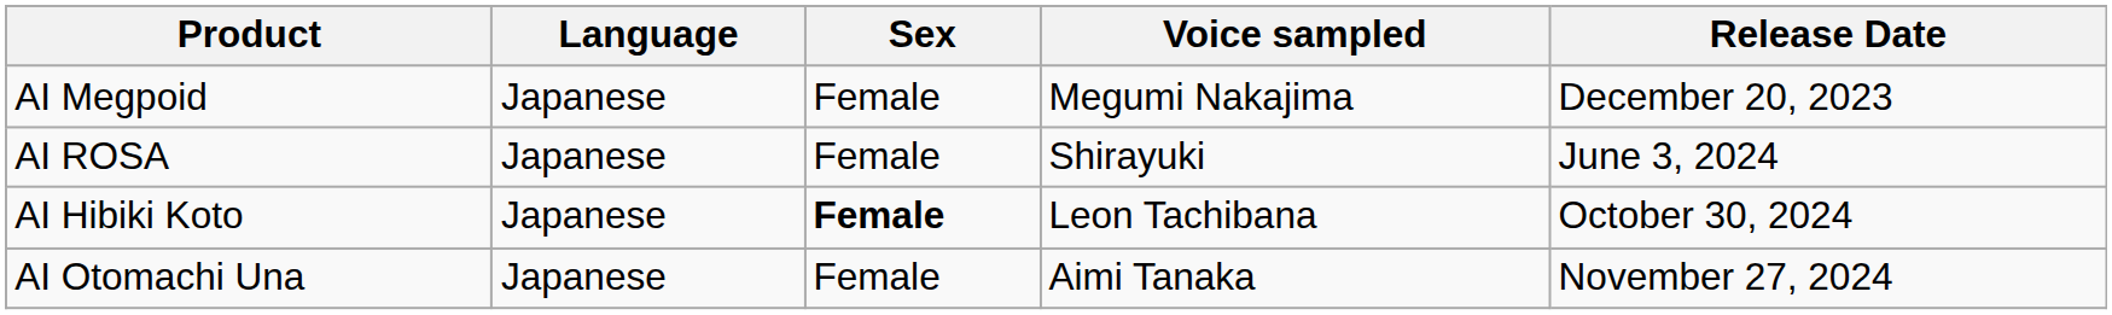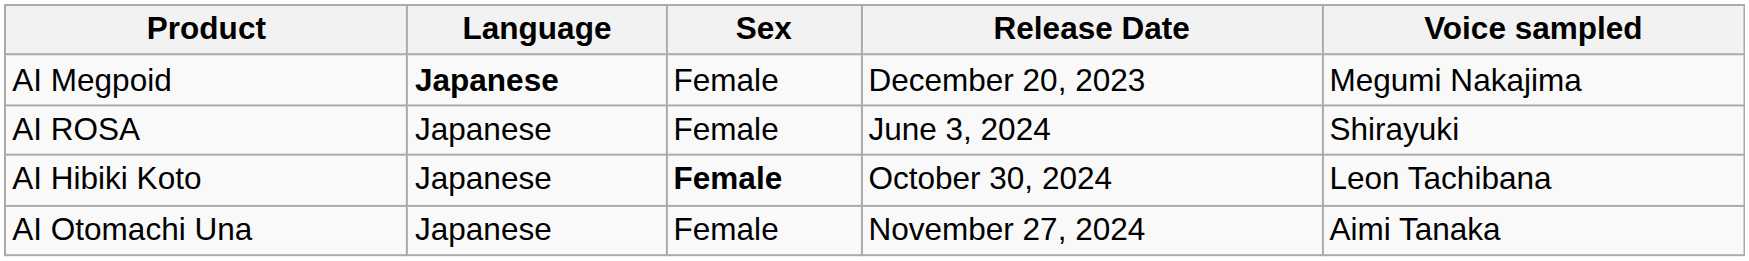 <table class="wikitable" style="text-align:left; width:100%">
 <tr>
 <th>Product</th>
 <th>Language</th>
 <th>Sex</th>
+<th>Release Date</th>
 <th>Voice sampled</th>
-<th>Release Date</th>
 </tr>
 <tr>
 <td>AI Megpoid</td>
-<td>Japanese</td>
+<td><strong>Japanese</strong></td>
 <td>Female</td>
+<td>December 20, 2023</td>
 <td>Megumi Nakajima</td>
-<td>December 20, 2023</td>
 </tr>
 <tr>
 <td>AI ROSA</td>
 <td>Japanese</td>
 <td>Female</td>
+<td>June 3, 2024</td>
 <td>Shirayuki</td>
-<td>June 3, 2024</td>
 </tr>
 <tr>
 <td>AI Hibiki Koto</td>
 <td>Japanese</td>
 <td><strong>Female</strong></td>
+<td>October 30, 2024</td>
 <td>Leon Tachibana</td>
-<td>October 30, 2024</td>
 </tr>
 <tr>
 <td>AI Otomachi Una</td>
 <td>Japanese</td>
 <td>Female</td>
+<td>November 27, 2024</td>
 <td>Aimi Tanaka</td>
-<td>November 27, 2024</td>
 </tr>
 </table>
